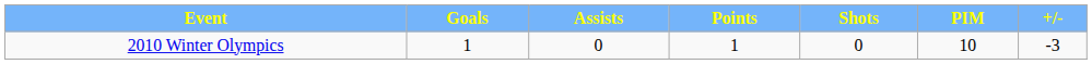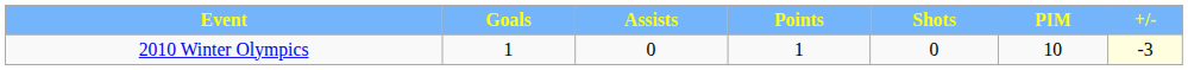 <table class="wikitable" width="80%">
 <tr align="center"  style="background:#74B4FA;color:yellow;">
 <td><strong>Event</strong></td>
 <td><strong>Goals</strong></td>
 <td><strong>Assists</strong></td>
 <td><strong>Points</strong></td>
 <td><strong>Shots</strong></td>
 <td><strong>PIM</strong></td>
 <td><strong>+/-</strong></td>
 </tr>
 <tr align="center">
 <td><a href='#'>2010 Winter Olympics</a></td>
 <td>1</td>
 <td>0</td>
 <td>1</td>
 <td>0</td>
 <td>10</td>
-<td>-3</td>
+<td style="background: lightyellow;">-3</td>
 </tr>
 <tr align="center">
 </tr>
 </table>
